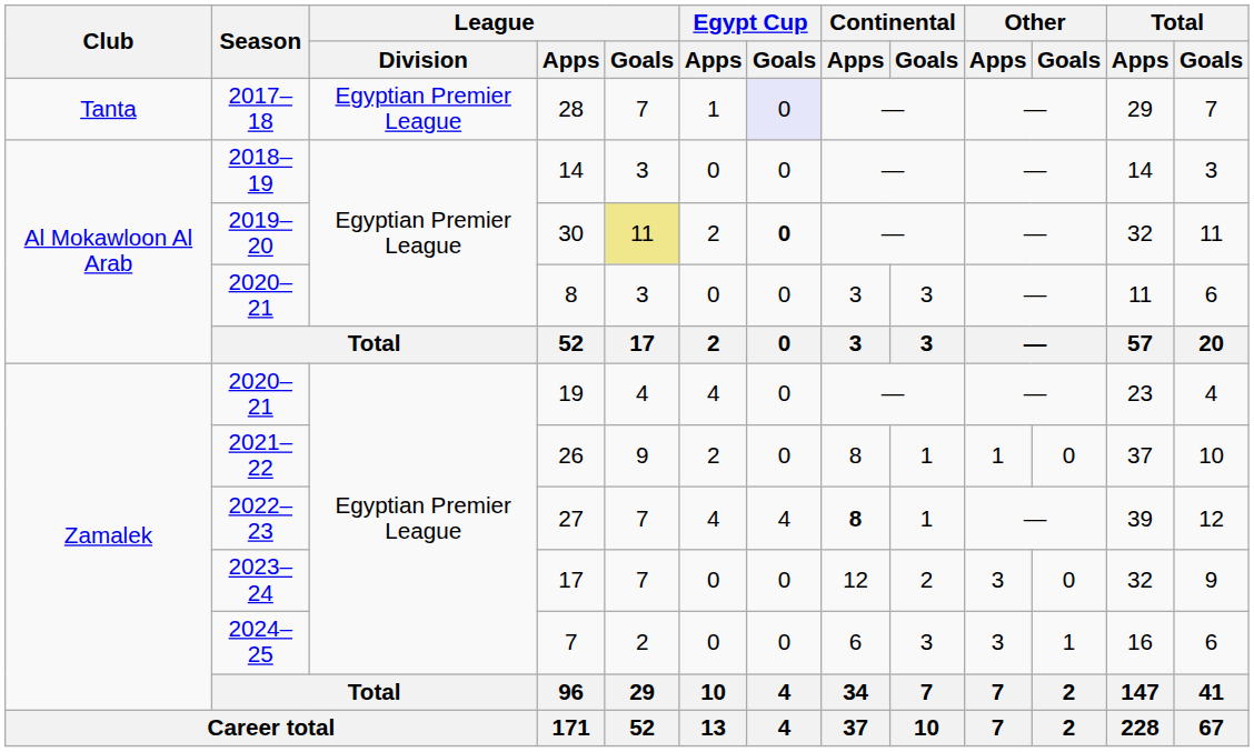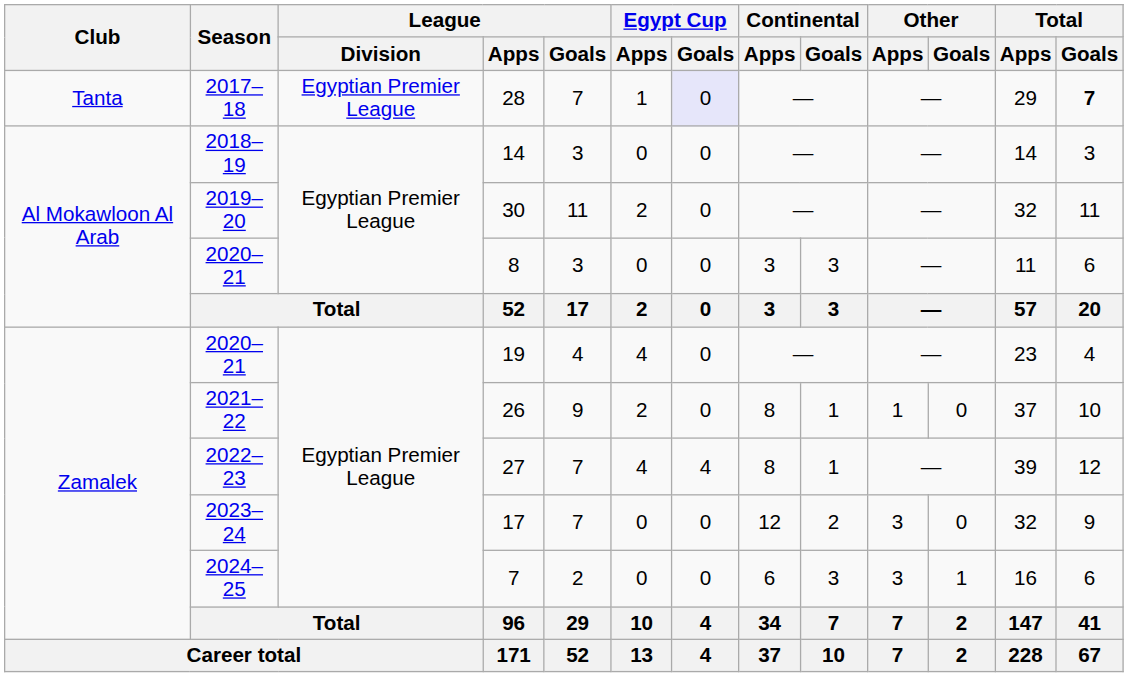 <table class="wikitable" style="text-align:center">
 <tr>
 <th rowspan="2">Club</th>
 <th rowspan="2">Season</th>
 <th colspan="3">League</th>
 <th colspan="2"><a href='#'>Egypt Cup</a></th>
 <th colspan="2">Continental</th>
 <th colspan="2">Other</th>
 <th colspan="2">Total</th>
 </tr>
 <tr>
 <th>Division</th>
 <th>Apps</th>
 <th>Goals</th>
 <th>Apps</th>
 <th>Goals</th>
 <th>Apps</th>
 <th>Goals</th>
 <th>Apps</th>
 <th>Goals</th>
 <th>Apps</th>
 <th>Goals</th>
 </tr>
 <tr>
 <td><a href='#'>Tanta</a></td>
 <td><a href='#'>2017–18</a></td>
 <td><a href='#'>Egyptian Premier League</a></td>
 <td>28</td>
 <td>7</td>
 <td>1</td>
 <td style="background: lavender;">0</td>
 <td colspan="2">—</td>
 <td colspan="2">—</td>
 <td>29</td>
-<td>7</td>
+<td><strong>7</strong></td>
 </tr>
 <tr>
 <td rowspan="4"><a href='#'>Al Mokawloon Al Arab</a></td>
 <td><a href='#'>2018–19</a></td>
 <td rowspan="3">Egyptian Premier League</td>
 <td>14</td>
 <td>3</td>
 <td>0</td>
 <td>0</td>
 <td colspan="2">—</td>
 <td colspan="2">—</td>
 <td>14</td>
 <td>3</td>
 </tr>
 <tr>
 <td><a href='#'>2019–20</a></td>
 <td>30</td>
-<td style="background: khaki;">11</td>
+<td>11</td>
 <td>2</td>
-<td><strong>0</strong></td>
+<td>0</td>
 <td colspan="2">—</td>
 <td colspan="2">—</td>
 <td>32</td>
 <td>11</td>
 </tr>
 <tr>
 <td><a href='#'>2020–21</a></td>
 <td>8</td>
 <td>3</td>
 <td>0</td>
 <td>0</td>
 <td>3</td>
 <td>3</td>
 <td colspan="2">—</td>
 <td>11</td>
 <td>6</td>
 </tr>
 <tr>
 <th colspan="2">Total</th>
 <th>52</th>
 <th>17</th>
 <th>2</th>
 <th>0</th>
 <th>3</th>
 <th>3</th>
 <th colspan="2">—</th>
 <th>57</th>
 <th>20</th>
 </tr>
 <tr>
 <td rowspan="6"><a href='#'>Zamalek</a></td>
 <td><a href='#'>2020–21</a></td>
 <td rowspan="5">Egyptian Premier League</td>
 <td>19</td>
 <td>4</td>
 <td>4</td>
 <td>0</td>
 <td colspan="2">—</td>
 <td colspan="2">—</td>
 <td>23</td>
 <td>4</td>
 </tr>
 <tr>
 <td><a href='#'>2021–22</a></td>
 <td>26</td>
 <td>9</td>
 <td>2</td>
 <td>0</td>
 <td>8</td>
 <td>1</td>
 <td>1</td>
 <td>0</td>
 <td>37</td>
 <td>10</td>
 </tr>
 <tr>
 <td><a href='#'>2022–23</a></td>
 <td>27</td>
 <td>7</td>
 <td>4</td>
 <td>4</td>
-<td><strong>8</strong></td>
+<td>8</td>
 <td>1</td>
 <td colspan="2">—</td>
 <td>39</td>
 <td>12</td>
 </tr>
 <tr>
 <td><a href='#'>2023–24</a></td>
 <td>17</td>
 <td>7</td>
 <td>0</td>
 <td>0</td>
 <td>12</td>
 <td>2</td>
 <td>3</td>
 <td>0</td>
 <td>32</td>
 <td>9</td>
 </tr>
 <tr>
 <td><a href='#'>2024–25</a></td>
 <td>7</td>
 <td>2</td>
 <td>0</td>
 <td>0</td>
 <td>6</td>
 <td>3</td>
 <td>3</td>
 <td>1</td>
 <td>16</td>
 <td>6</td>
 </tr>
 <tr>
 <th colspan="2">Total</th>
 <th>96</th>
 <th>29</th>
 <th>10</th>
 <th>4</th>
 <th>34</th>
 <th>7</th>
 <th>7</th>
 <th>2</th>
 <th>147</th>
 <th>41</th>
 </tr>
 <tr>
 <th colspan="3">Career total</th>
 <th>171</th>
 <th>52</th>
 <th>13</th>
 <th>4</th>
 <th>37</th>
 <th>10</th>
 <th>7</th>
 <th>2</th>
 <th>228</th>
 <th>67</th>
 </tr>
 </table>
